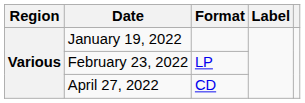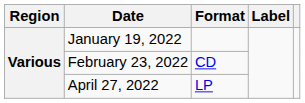 <table class="wikitable plainrowheaders">
 <tr>
 <th scope="col">Region</th>
 <th scope="col">Date</th>
 <th scope="col">Format</th>
 <th scope="col">Label</th>
 <th scope="col"></th>
 </tr>
 <tr>
 <th scope="row" rowspan="3">Various</th>
 <td>January 19, 2022</td>
 <td></td>
 <td rowspan="3"></td>
 <td style="text-align:center;" rowspan="3"></td>
 </tr>
 <tr>
 <td>February 23, 2022</td>
-<td><a href='#'>LP</a></td>
+<td><a href='#'>CD</a></td>
 </tr>
 <tr>
 <td>April 27, 2022</td>
-<td><a href='#'>CD</a></td>
+<td><a href='#'>LP</a></td>
 </tr>
 </table>
